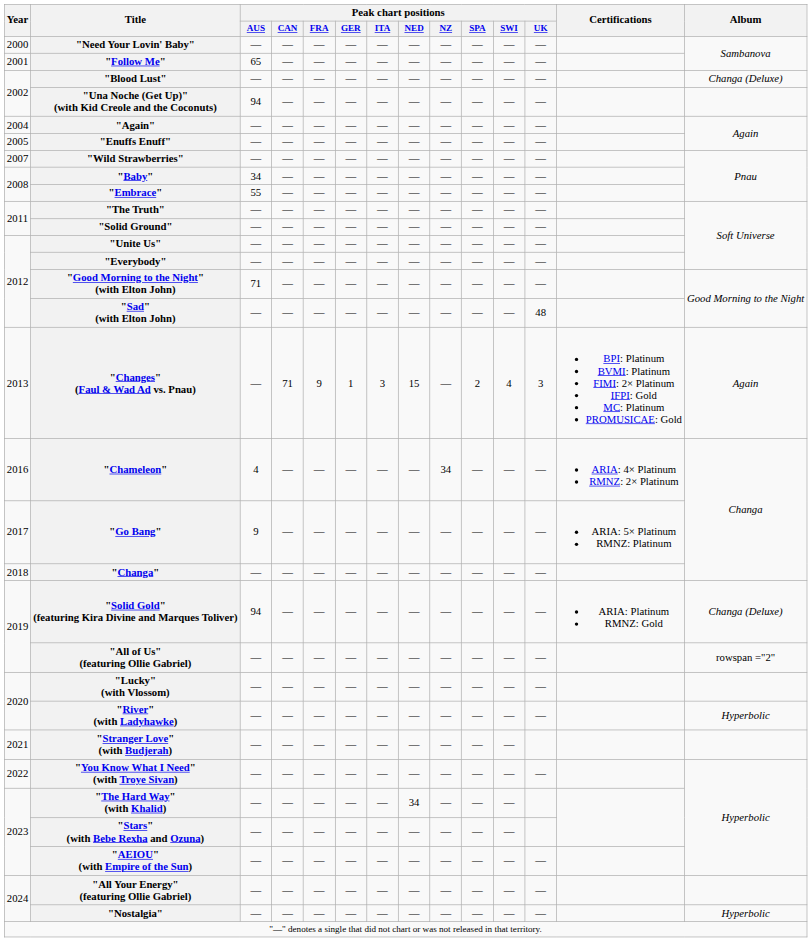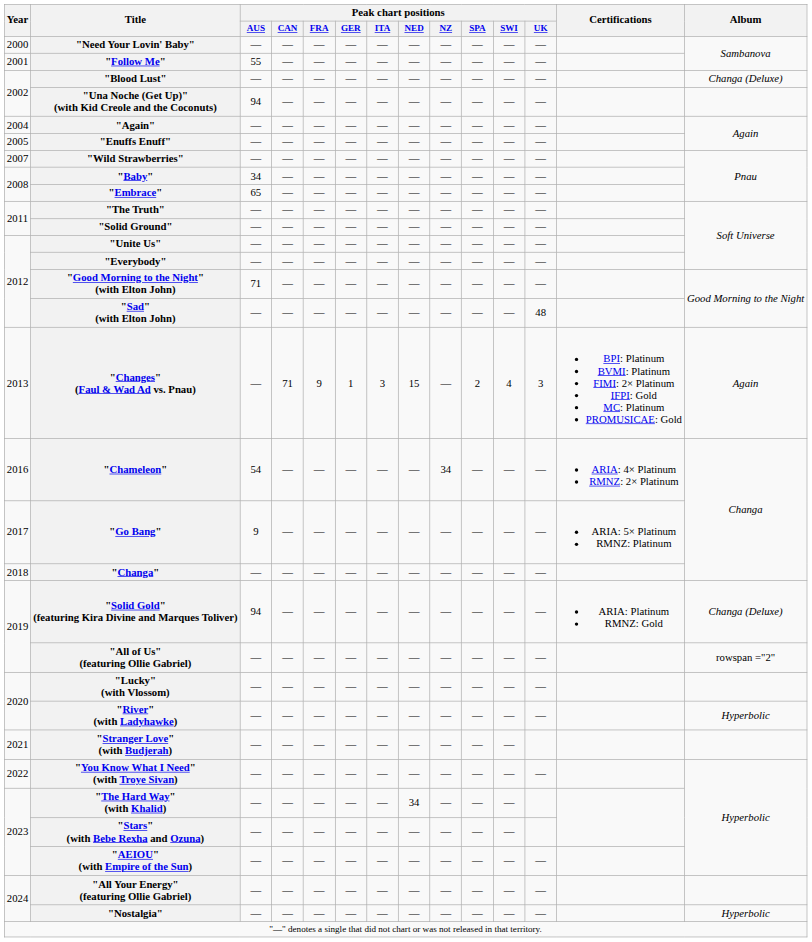 <table class="wikitable plainrowheaders" style="text-align:center;">
 <tr>
 <th scope="col" rowspan="2">Year</th>
 <th scope="col" rowspan="2">Title</th>
 <th scope="col" colspan="10">Peak chart positions</th>
 <th scope="col" rowspan="2">Certifications</th>
 <th scope="col" rowspan="2">Album</th>
 </tr>
 <tr>
 <th scope="col" style="width:3em;font-size:85%;"><a href='#'>AUS</a><br></th>
 <th scope="col" style="width:3em;font-size:85%;"><a href='#'>CAN</a><br></th>
 <th scope="col" style="width:3em;font-size:85%;"><a href='#'>FRA</a><br></th>
 <th scope="col" style="width:3em;font-size:85%;"><a href='#'>GER</a><br></th>
 <th scope="col" style="width:3em;font-size:85%;"><a href='#'>ITA</a><br></th>
 <th scope="col" style="width:3em;font-size:85%;"><a href='#'>NED</a><br></th>
 <th scope="col" style="width:3em;font-size:85%;"><a href='#'>NZ</a><br></th>
 <th scope="col" style="width:3em;font-size:85%;"><a href='#'>SPA</a><br></th>
 <th scope="col" style="width:3em;font-size:85%;"><a href='#'>SWI</a><br></th>
 <th scope="col" style="width:3em;font-size:85%;"><a href='#'>UK</a><br></th>
 </tr>
 <tr>
 <td>2000</td>
 <th scope="row">"Need Your Lovin' Baby"</th>
 <td>—</td>
 <td>—</td>
 <td>—</td>
 <td>—</td>
 <td>—</td>
 <td>—</td>
 <td>—</td>
 <td>—</td>
 <td>—</td>
 <td>—</td>
 <td></td>
 <td rowspan="2"><em>Sambanova</em></td>
 </tr>
 <tr>
 <td>2001</td>
 <th scope="row">"<a href='#'>Follow Me</a>"</th>
-<td>65</td>
+<td>55</td>
 <td>—</td>
 <td>—</td>
 <td>—</td>
 <td>—</td>
 <td>—</td>
 <td>—</td>
 <td>—</td>
 <td>—</td>
 <td>—</td>
 <td></td>
 </tr>
 <tr>
 <td rowspan="2">2002</td>
 <th scope="row">"Blood Lust"</th>
 <td>—</td>
 <td>—</td>
 <td>—</td>
 <td>—</td>
 <td>—</td>
 <td>—</td>
 <td>—</td>
 <td>—</td>
 <td>—</td>
 <td>—</td>
 <td></td>
 <td><em>Changa (Deluxe)</em></td>
 </tr>
 <tr>
 <th scope="row">"Una Noche (Get Up)"<br><span>(with Kid Creole and the Coconuts)</span></th>
 <td>94</td>
 <td>—</td>
 <td>—</td>
 <td>—</td>
 <td>—</td>
 <td>—</td>
 <td>—</td>
 <td>—</td>
 <td>—</td>
 <td>—</td>
 <td></td>
 <td></td>
 </tr>
 <tr>
 <td>2004</td>
 <th scope="row">"Again"</th>
 <td>—</td>
 <td>—</td>
 <td>—</td>
 <td>—</td>
 <td>—</td>
 <td>—</td>
 <td>—</td>
 <td>—</td>
 <td>—</td>
 <td>—</td>
 <td></td>
 <td rowspan="2"><em>Again</em></td>
 </tr>
 <tr>
 <td>2005</td>
 <th scope="row">"Enuffs Enuff"</th>
 <td>—</td>
 <td>—</td>
 <td>—</td>
 <td>—</td>
 <td>—</td>
 <td>—</td>
 <td>—</td>
 <td>—</td>
 <td>—</td>
 <td>—</td>
 <td></td>
 </tr>
 <tr>
 <td>2007</td>
 <th scope="row">"Wild Strawberries"</th>
 <td>—</td>
 <td>—</td>
 <td>—</td>
 <td>—</td>
 <td>—</td>
 <td>—</td>
 <td>—</td>
 <td>—</td>
 <td>—</td>
 <td>—</td>
 <td></td>
 <td rowspan="3"><em>Pnau</em></td>
 </tr>
 <tr>
 <td rowspan="2">2008</td>
 <th scope="row">"<a href='#'>Baby</a>"</th>
 <td>34</td>
 <td>—</td>
 <td>—</td>
 <td>—</td>
 <td>—</td>
 <td>—</td>
 <td>—</td>
 <td>—</td>
 <td>—</td>
 <td>—</td>
 <td></td>
 </tr>
 <tr>
 <th scope="row">"<a href='#'>Embrace</a>"</th>
-<td>55</td>
+<td>65</td>
 <td>—</td>
 <td>—</td>
 <td>—</td>
 <td>—</td>
 <td>—</td>
 <td>—</td>
 <td>—</td>
 <td>—</td>
 <td>—</td>
 <td></td>
 </tr>
 <tr>
 <td rowspan="2">2011</td>
 <th scope="row">"The Truth"</th>
 <td>—</td>
 <td>—</td>
 <td>—</td>
 <td>—</td>
 <td>—</td>
 <td>—</td>
 <td>—</td>
 <td>—</td>
 <td>—</td>
 <td>—</td>
 <td></td>
 <td rowspan="4"><em>Soft Universe</em></td>
 </tr>
 <tr>
 <th scope="row">"Solid Ground"</th>
 <td>—</td>
 <td>—</td>
 <td>—</td>
 <td>—</td>
 <td>—</td>
 <td>—</td>
 <td>—</td>
 <td>—</td>
 <td>—</td>
 <td>—</td>
 <td></td>
 </tr>
 <tr>
 <td rowspan="4">2012</td>
 <th scope="row">"Unite Us"</th>
 <td>—</td>
 <td>—</td>
 <td>—</td>
 <td>—</td>
 <td>—</td>
 <td>—</td>
 <td>—</td>
 <td>—</td>
 <td>—</td>
 <td>—</td>
 <td></td>
 </tr>
 <tr>
 <th scope="row">"Everybody"</th>
 <td>—</td>
 <td>—</td>
 <td>—</td>
 <td>—</td>
 <td>—</td>
 <td>—</td>
 <td>—</td>
 <td>—</td>
 <td>—</td>
 <td>—</td>
 <td></td>
 </tr>
 <tr>
 <th scope="row">"<a href='#'>Good Morning to the Night</a>"<br><span>(with Elton John)</span></th>
 <td>71</td>
 <td>—</td>
 <td>—</td>
 <td>—</td>
 <td>—</td>
 <td>—</td>
 <td>—</td>
 <td>—</td>
 <td>—</td>
 <td>—</td>
 <td></td>
 <td rowspan="2"><em>Good Morning to the Night</em></td>
 </tr>
 <tr>
 <th scope="row">"<a href='#'>Sad</a>"<br><span>(with Elton John)</span></th>
 <td>—</td>
 <td>—</td>
 <td>—</td>
 <td>—</td>
 <td>—</td>
 <td>—</td>
 <td>—</td>
 <td>—</td>
 <td>—</td>
 <td>48</td>
 <td></td>
 </tr>
 <tr>
 <td>2013</td>
 <th scope="row">"<a href='#'>Changes</a>"<br><span>(<a href='#'>Faul & Wad Ad</a> vs. Pnau)</span></th>
 <td>—</td>
 <td>71</td>
 <td>9</td>
 <td>1</td>
 <td>3</td>
 <td>15</td>
 <td>—</td>
 <td>2</td>
 <td>4</td>
 <td>3</td>
 <td><br><ul><li><a href='#'>BPI</a>: Platinum</li><li><a href='#'>BVMI</a>: Platinum</li><li><a href='#'>FIMI</a>: 2× Platinum</li><li><a href='#'>IFPI</a>: Gold</li><li><a href='#'>MC</a>: Platinum</li><li><a href='#'>PROMUSICAE</a>: Gold</li></ul></td>
 <td><em>Again</em></td>
 </tr>
 <tr>
 <td>2016</td>
 <th scope="row">"<a href='#'>Chameleon</a>"</th>
-<td>4</td>
+<td>54</td>
 <td>—</td>
 <td>—</td>
 <td>—</td>
 <td>—</td>
 <td>—</td>
 <td>34</td>
 <td>—</td>
 <td>—</td>
 <td>—</td>
 <td><br><ul><li><a href='#'>ARIA</a>: 4× Platinum</li><li><a href='#'>RMNZ</a>: 2× Platinum</li></ul></td>
 <td rowspan="3"><em>Changa</em></td>
 </tr>
 <tr>
 <td>2017</td>
 <th scope="row">"<a href='#'>Go Bang</a>"</th>
 <td>9</td>
 <td>—</td>
 <td>—</td>
 <td>—</td>
 <td>—</td>
 <td>—</td>
 <td>—</td>
 <td>—</td>
 <td>—</td>
 <td>—</td>
 <td><br><ul><li>ARIA: 5× Platinum</li><li>RMNZ: Platinum</li></ul></td>
 </tr>
 <tr>
 <td>2018</td>
 <th scope="row">"<a href='#'>Changa</a>"</th>
 <td>—</td>
 <td>—</td>
 <td>—</td>
 <td>—</td>
 <td>—</td>
 <td>—</td>
 <td>—</td>
 <td>—</td>
 <td>—</td>
 <td>—</td>
 <td></td>
 </tr>
 <tr>
 <td rowspan="2">2019</td>
 <th scope="row">"<a href='#'>Solid Gold</a>"<br><span>(featuring Kira Divine and Marques Toliver)</span></th>
 <td>94</td>
 <td>—</td>
 <td>—</td>
 <td>—</td>
 <td>—</td>
 <td>—</td>
 <td>—</td>
 <td>—</td>
 <td>—</td>
 <td>—</td>
 <td><br><ul><li>ARIA: Platinum</li><li>RMNZ: Gold</li></ul></td>
 <td><em>Changa (Deluxe)</em></td>
 </tr>
 <tr>
 <th scope="row">"All of Us"<br><span>(featuring Ollie Gabriel)</span></th>
 <td>—</td>
 <td>—</td>
 <td>—</td>
 <td>—</td>
 <td>—</td>
 <td>—</td>
 <td>—</td>
 <td>—</td>
 <td>—</td>
 <td>—</td>
 <td></td>
 <td>rowspan ="2" </td>
 </tr>
 <tr>
 <td rowspan="2">2020</td>
 <th scope="row">"Lucky"<br><span>(with Vlossom)</span></th>
 <td>—</td>
 <td>—</td>
 <td>—</td>
 <td>—</td>
 <td>—</td>
 <td>—</td>
 <td>—</td>
 <td>—</td>
 <td>—</td>
 <td>—</td>
 <td></td>
 </tr>
 <tr>
 <th scope="row">"<a href='#'>River</a>"<br><span>(with <a href='#'>Ladyhawke</a>)</span></th>
 <td>—</td>
 <td>—</td>
 <td>—</td>
 <td>—</td>
 <td>—</td>
 <td>—</td>
 <td>—</td>
 <td>—</td>
 <td>—</td>
 <td>—</td>
 <td></td>
 <td><em>Hyperbolic</em></td>
 </tr>
 <tr>
 <td>2021</td>
 <th scope="row">"<a href='#'>Stranger Love</a>"<br><span>(with <a href='#'>Budjerah</a>)</span></th>
 <td>—</td>
 <td>—</td>
 <td>—</td>
 <td>—</td>
 <td>—</td>
 <td>—</td>
 <td>—</td>
 <td>—</td>
 <td>—</td>
 <td></td>
 <td></td>
 <td></td>
 </tr>
 <tr>
 <td>2022</td>
 <th scope="row">"<a href='#'>You Know What I Need</a>"<br><span>(with <a href='#'>Troye Sivan</a>)</span></th>
 <td>—</td>
 <td>—</td>
 <td>—</td>
 <td>—</td>
 <td>—</td>
 <td>—</td>
 <td>—</td>
 <td>—</td>
 <td>—</td>
 <td>—</td>
 <td></td>
 <td rowspan="4"><em>Hyperbolic</em></td>
 </tr>
 <tr>
 <td rowspan="3">2023</td>
 <th scope="row">"<a href='#'>The Hard Way</a>"<br><span>(with <a href='#'>Khalid</a>)</span></th>
 <td>—</td>
 <td>—</td>
 <td>—</td>
 <td>—</td>
 <td>—</td>
 <td>34</td>
 <td>—</td>
 <td>—</td>
 <td>—</td>
 <td></td>
 </tr>
 <tr>
 <th scope="row">"<a href='#'>Stars</a>"<br><span>(with <a href='#'>Bebe Rexha</a> and <a href='#'>Ozuna</a>)</span></th>
 <td>—</td>
 <td>—</td>
 <td>—</td>
 <td>—</td>
 <td>—</td>
 <td>—</td>
 <td>—</td>
 <td>—</td>
 <td>—</td>
 <td></td>
 </tr>
 <tr>
 <th scope="row">"<a href='#'>AEIOU</a>"<br><span>(with <a href='#'>Empire of the Sun</a>)</span></th>
 <td>—</td>
 <td>—</td>
 <td>—</td>
 <td>—</td>
 <td>—</td>
 <td>—</td>
 <td>—</td>
 <td>—</td>
 <td>—</td>
 <td>—</td>
 <td></td>
 </tr>
 <tr>
 <td rowspan="2">2024</td>
 <th scope="row">"All Your Energy"<br><span>(featuring Ollie Gabriel)</span></th>
 <td>—</td>
 <td>—</td>
 <td>—</td>
 <td>—</td>
 <td>—</td>
 <td>—</td>
 <td>—</td>
 <td>—</td>
 <td>—</td>
 <td>—</td>
 <td></td>
 <td></td>
 </tr>
 <tr>
 <th scope="row">"Nostalgia"</th>
 <td>—</td>
 <td>—</td>
 <td>—</td>
 <td>—</td>
 <td>—</td>
 <td>—</td>
 <td>—</td>
 <td>—</td>
 <td>—</td>
 <td>—</td>
 <td></td>
 <td><em>Hyperbolic</em></td>
 </tr>
 <tr>
 <td colspan="18" style="font-size:85%">"—" denotes a single that did not chart or was not released in that territory.</td>
 </tr>
 </table>
